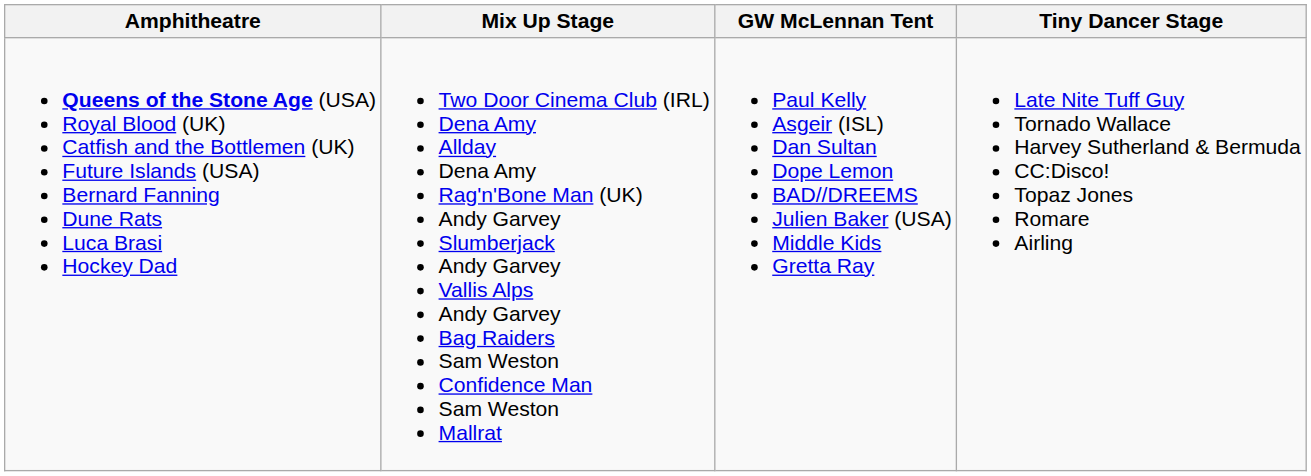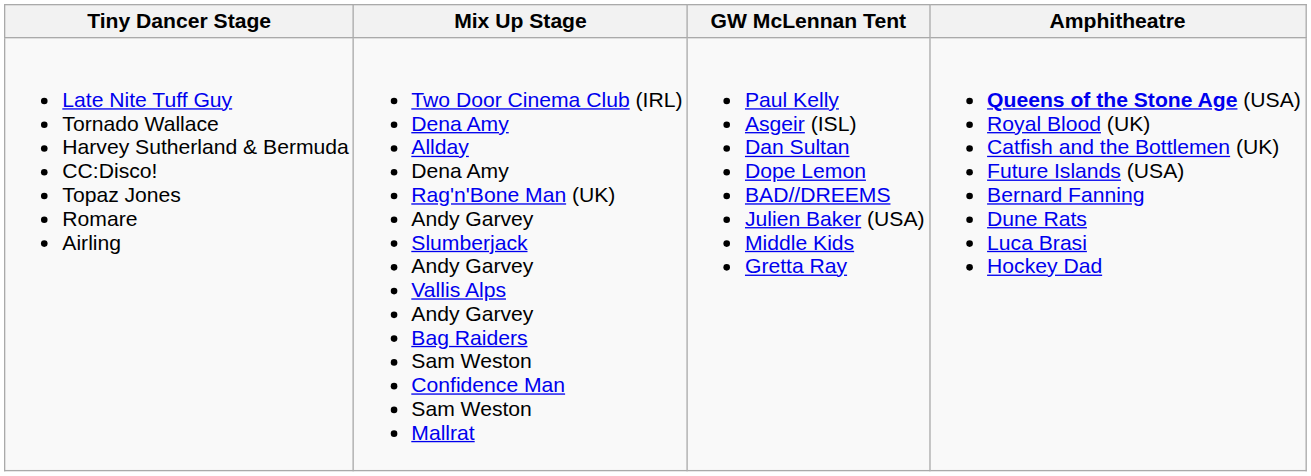 <table class="wikitable">
 <tr>
-<th>Amphitheatre</th>
+<th>Tiny Dancer Stage</th>
 <th>Mix Up Stage</th>
 <th>GW McLennan Tent</th>
-<th>Tiny Dancer Stage</th>
+<th>Amphitheatre</th>
 </tr>
 <tr valign="top">
-<td><br><ul><li><strong><a href='#'>Queens of the Stone Age</a></strong> (USA)</li><li><a href='#'>Royal Blood</a> (UK)</li><li><a href='#'>Catfish and the Bottlemen</a> (UK)</li><li><a href='#'>Future Islands</a> (USA)</li><li><a href='#'>Bernard Fanning</a></li><li><a href='#'>Dune Rats</a></li><li><a href='#'>Luca Brasi</a></li><li><a href='#'>Hockey Dad</a></li></ul></td>
+<td><br><ul><li><a href='#'>Late Nite Tuff Guy</a></li><li>Tornado Wallace</li><li>Harvey Sutherland & Bermuda</li><li>CC:Disco!</li><li>Topaz Jones</li><li>Romare</li><li>Airling</li></ul></td>
 <td><br><ul><li><a href='#'>Two Door Cinema Club</a> (IRL)</li><li><a href='#'>Dena Amy</a></li><li><a href='#'>Allday</a></li><li>Dena Amy</li><li><a href='#'>Rag'n'Bone Man</a> (UK)</li><li>Andy Garvey</li><li><a href='#'>Slumberjack</a></li><li>Andy Garvey</li><li><a href='#'>Vallis Alps</a></li><li>Andy Garvey</li><li><a href='#'>Bag Raiders</a></li><li>Sam Weston</li><li><a href='#'>Confidence Man</a></li><li>Sam Weston</li><li><a href='#'>Mallrat</a></li></ul></td>
 <td><br><ul><li><a href='#'>Paul Kelly</a></li><li><a href='#'>Asgeir</a> (ISL)</li><li><a href='#'>Dan Sultan</a></li><li><a href='#'>Dope Lemon</a></li><li><a href='#'>BAD//DREEMS</a></li><li><a href='#'>Julien Baker</a> (USA)</li><li><a href='#'>Middle Kids</a></li><li><a href='#'>Gretta Ray</a></li></ul></td>
-<td><br><ul><li><a href='#'>Late Nite Tuff Guy</a></li><li>Tornado Wallace</li><li>Harvey Sutherland & Bermuda</li><li>CC:Disco!</li><li>Topaz Jones</li><li>Romare</li><li>Airling</li></ul></td>
+<td><br><ul><li><strong><a href='#'>Queens of the Stone Age</a></strong> (USA)</li><li><a href='#'>Royal Blood</a> (UK)</li><li><a href='#'>Catfish and the Bottlemen</a> (UK)</li><li><a href='#'>Future Islands</a> (USA)</li><li><a href='#'>Bernard Fanning</a></li><li><a href='#'>Dune Rats</a></li><li><a href='#'>Luca Brasi</a></li><li><a href='#'>Hockey Dad</a></li></ul></td>
 </tr>
 </table>
